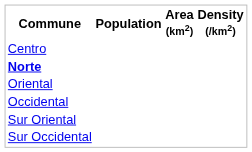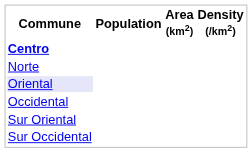 <table class="sortable table"  style="float: right; border: 1px solid #BBB; margin: .46em 0 0 .2em; font-size: 86%;">
 <tr>
 <th>Commune</th>
 <th>Population</th>
 <th>Area <br><small>(km<sup>2</sup>)</small></th>
 <th>Density <br><small>(/km<sup>2</sup>)</small></th>
 </tr>
 <tr>
-<td><a href='#'>Centro</a></td>
+<td><strong><a href='#'>Centro</a></strong></td>
 <td></td>
 </tr>
 <tr>
-<td><strong><a href='#'>Norte</a></strong></td>
+<td><a href='#'>Norte</a></td>
 <td></td>
 </tr>
 <tr>
-<td><a href='#'>Oriental</a></td>
+<td style="background: lavender;"><a href='#'>Oriental</a></td>
 <td></td>
 </tr>
 <tr>
 <td><a href='#'>Occidental</a></td>
 <td></td>
 </tr>
 <tr>
 <td><a href='#'>Sur Oriental</a></td>
 <td></td>
 </tr>
 <tr>
 <td><a href='#'>Sur Occidental</a></td>
 <td></td>
 </tr>
 </table>
